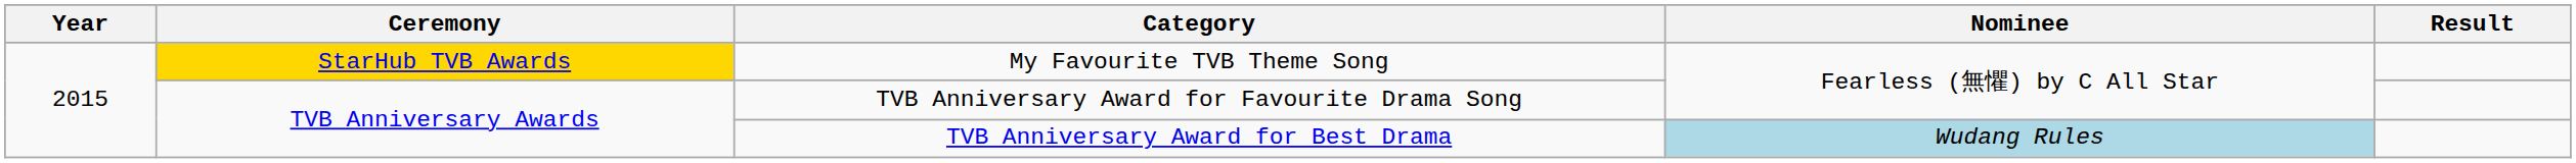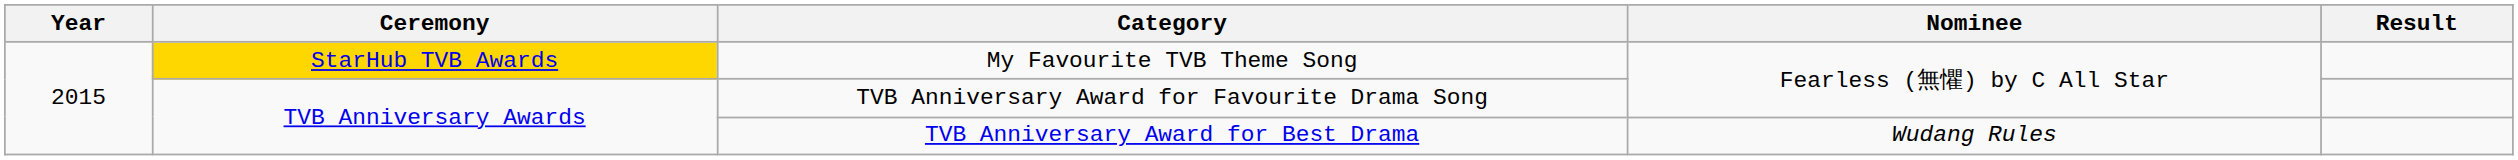 <table class="wikitable" style="width:90%;">
 <tr>
 <th style="width:45px;">Year</th>
 <th style="width:190px;">Ceremony</th>
 <th style="width:310px;">Category</th>
 <th style="width:235px;">Nominee</th>
 <th style="width:60px;">Result</th>
 </tr>
 <tr>
 <td align="center" rowspan="3">2015</td>
 <td align="center" style="background: gold;"><a href='#'>StarHub TVB Awards</a></td>
 <td align="center">My Favourite TVB Theme Song</td>
 <td align="center" rowspan="2">Fearless (無懼) by C All Star</td>
 <td></td>
 </tr>
 <tr>
 <td align="center" rowspan="2"><a href='#'>TVB Anniversary Awards</a></td>
 <td align="center">TVB Anniversary Award for Favourite Drama Song</td>
 <td></td>
 </tr>
 <tr>
 <td align="center"><a href='#'>TVB Anniversary Award for Best Drama</a></td>
-<td align="center" style="background: lightblue;"><em>Wudang Rules</em></td>
+<td align="center"><em>Wudang Rules</em></td>
 <td></td>
 </tr>
 </table>
